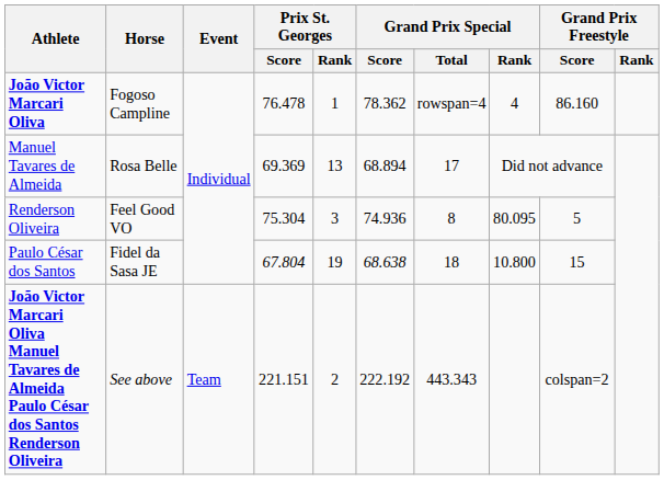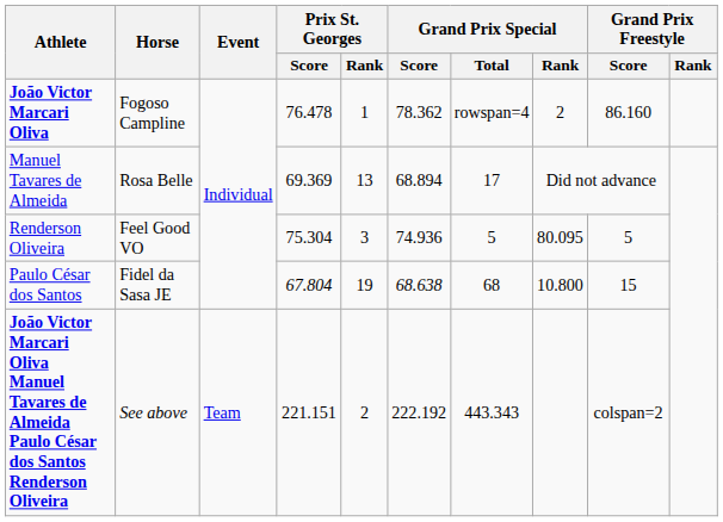 <table class=wikitable style=font-size:90%;text-align:center>
 <tr>
 <th rowspan=2>Athlete</th>
 <th rowspan=2>Horse</th>
 <th rowspan=2>Event</th>
 <th colspan=2>Prix St. Georges</th>
 <th colspan=3>Grand Prix Special</th>
 <th colspan=4>Grand Prix Freestyle</th>
 </tr>
 <tr style=font-size:95%>
 <th>Score</th>
 <th>Rank</th>
 <th>Score</th>
 <th>Total</th>
 <th>Rank</th>
 <th>Score</th>
 <th>Rank</th>
 </tr>
 <tr>
 <td align=left><strong><a href='#'>João Victor Marcari Oliva</a></strong></td>
 <td align=left>Fogoso Campline</td>
 <td align=left rowspan=4><a href='#'>Individual</a></td>
 <td>76.478</td>
 <td>1</td>
 <td>78.362</td>
 <td>rowspan=4 </td>
-<td>4</td>
+<td>2</td>
 <td>86.160</td>
 <td></td>
 </tr>
 <tr>
 <td align=left><a href='#'>Manuel Tavares de Almeida</a></td>
 <td align=left>Rosa Belle</td>
 <td>69.369</td>
 <td>13</td>
 <td>68.894</td>
 <td>17</td>
 <td colspan=2>Did not advance</td>
 </tr>
 <tr>
 <td align=left><a href='#'>Renderson Oliveira</a></td>
 <td align=left>Feel Good VO</td>
 <td>75.304</td>
 <td>3</td>
 <td>74.936</td>
-<td>8</td>
+<td>5</td>
 <td>80.095</td>
 <td>5</td>
 </tr>
 <tr>
 <td align=left><a href='#'>Paulo César dos Santos</a></td>
 <td align=left>Fidel da Sasa JE</td>
 <td><em>67.804</em></td>
 <td>19</td>
 <td><em>68.638</em></td>
-<td>18</td>
+<td>68</td>
 <td>10.800</td>
 <td>15</td>
 </tr>
 <tr>
 <td align=left><strong><a href='#'>João Victor Marcari Oliva</a><br><a href='#'>Manuel Tavares de Almeida</a><br><a href='#'>Paulo César dos Santos</a><br><a href='#'>Renderson Oliveira</a></strong></td>
 <td align=left><em>See above</em></td>
 <td align=left><a href='#'>Team</a></td>
 <td>221.151</td>
 <td>2</td>
 <td>222.192</td>
 <td>443.343</td>
 <td></td>
 <td>colspan=2 </td>
 </tr>
 </table>
